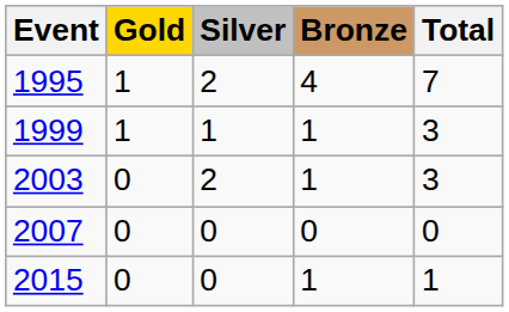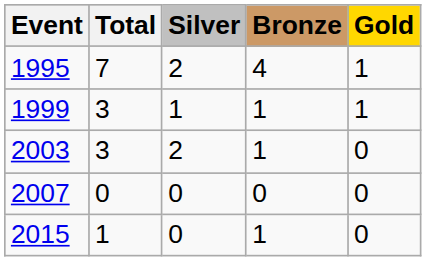 <table class="wikitable">
 <tr>
 <th>Event</th>
-<td style="background:gold; font-weight:bold;">Gold</td>
+<th>Total</th>
 <td style="background:silver; font-weight:bold;">Silver</td>
 <td style="background:#c96; font-weight:bold;">Bronze</td>
-<th>Total</th>
+<td style="background:gold; font-weight:bold;">Gold</td>
 </tr>
 <tr>
 <td><a href='#'>1995</a></td>
-<td>1</td>
+<td>7</td>
 <td>2</td>
 <td>4</td>
-<td>7</td>
+<td>1</td>
 </tr>
 <tr>
 <td><a href='#'>1999</a></td>
+<td>3</td>
 <td>1</td>
 <td>1</td>
 <td>1</td>
-<td>3</td>
 </tr>
 <tr>
 <td><a href='#'>2003</a></td>
-<td>0</td>
+<td>3</td>
 <td>2</td>
 <td>1</td>
-<td>3</td>
+<td>0</td>
 </tr>
 <tr>
 <td><a href='#'>2007</a></td>
 <td>0</td>
 <td>0</td>
 <td>0</td>
 <td>0</td>
 </tr>
 <tr>
 <td><a href='#'>2015</a></td>
-<td>0</td>
+<td>1</td>
 <td>0</td>
 <td>1</td>
-<td>1</td>
+<td>0</td>
 </tr>
 </table>
